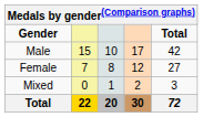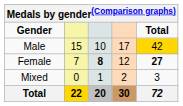 <table class="wikitable" style="font-size:95%">
 <tr style="background:#efefef;">
 <th colspan=6>Medals by gender<sup><a href='#'>(Comparison graphs)</a></sup></th>
 </tr>
 <tr style="text-align:center;">
 <td><strong>Gender</strong></td>
 <td style="background:#F7F6A8;"></td>
 <td style="background:#DCE5E5;"></td>
 <td style="background:#FFDAB9;"></td>
 <td><strong>Total</strong></td>
 </tr>
 <tr align=center>
 <td>Male</td>
 <td style="background:#F7F6A8;">15</td>
 <td style="background:#DCE5E5;">10</td>
 <td style="background:#FFDAB9;">17</td>
-<td>42</td>
+<td style="background: gold;">42</td>
 </tr>
 <tr align=center>
 <td>Female</td>
 <td style="background:#F7F6A8;">7</td>
-<td style="background:#DCE5E5;">8</td>
+<td style="background:#DCE5E5;"><strong>8</strong></td>
 <td style="background:#FFDAB9;">12</td>
-<td>27</td>
+<td><strong>27</strong></td>
 </tr>
 <tr align=center>
 <td>Mixed</td>
 <td style="background:#F7F6A8;">0</td>
 <td style="background:#DCE5E5;">1</td>
 <td style="background:#FFDAB9;">2</td>
 <td>3</td>
 </tr>
 <tr align=center>
 <th>Total</th>
 <th style="background:gold;">22</th>
 <th style="background:silver;">20</th>
 <th style="background:#c96;">30</th>
 <th><em>72</em></th>
 </tr>
 </table>
